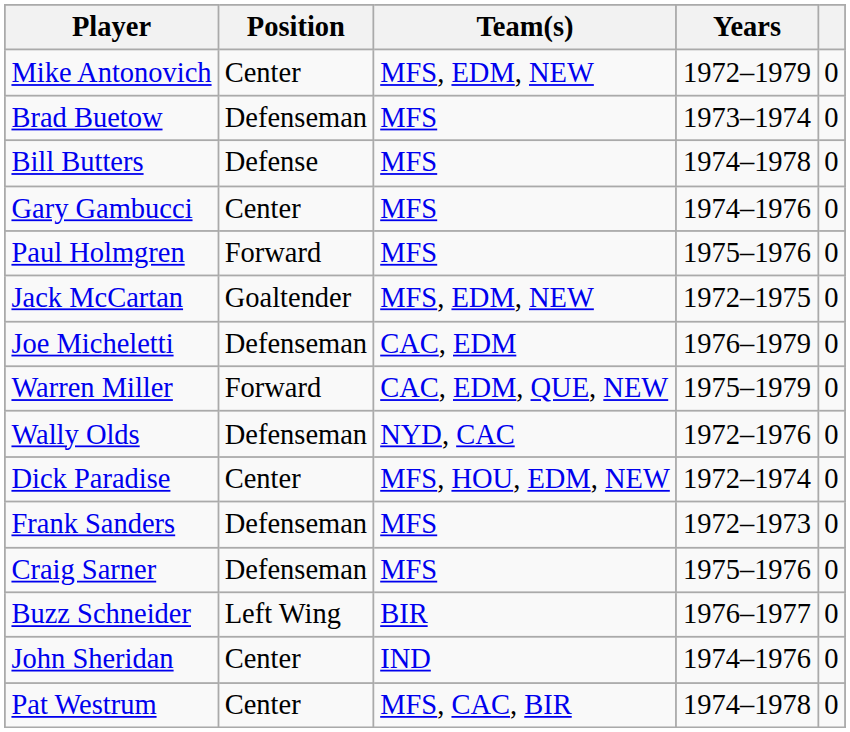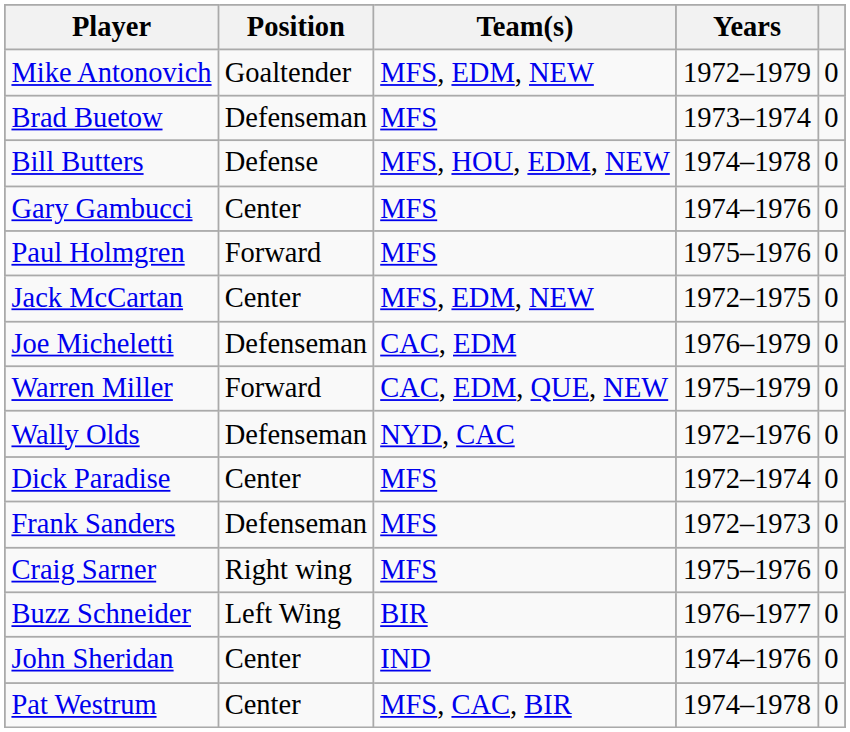 <table class="wikitable">
 <tr>
 <th>Player</th>
 <th>Position</th>
 <th>Team(s)</th>
 <th>Years</th>
 <th><a href='#'></a></th>
 </tr>
 <tr>
 <td><a href='#'>Mike Antonovich</a></td>
-<td>Center</td>
+<td>Goaltender</td>
 <td><a href='#'>MFS</a>, <a href='#'>EDM</a>, <a href='#'>NEW</a></td>
 <td>1972–1979</td>
 <td>0</td>
 </tr>
 <tr>
 <td><a href='#'>Brad Buetow</a></td>
 <td>Defenseman</td>
 <td><a href='#'>MFS</a></td>
 <td>1973–1974</td>
 <td>0</td>
 </tr>
 <tr>
 <td><a href='#'>Bill Butters</a></td>
 <td>Defense</td>
-<td><a href='#'>MFS</a></td>
+<td><a href='#'>MFS</a>, <a href='#'>HOU</a>, <a href='#'>EDM</a>, <a href='#'>NEW</a></td>
 <td>1974–1978</td>
 <td>0</td>
 </tr>
 <tr>
 <td><a href='#'>Gary Gambucci</a></td>
 <td>Center</td>
 <td><a href='#'>MFS</a></td>
 <td>1974–1976</td>
 <td>0</td>
 </tr>
 <tr>
 <td><a href='#'>Paul Holmgren</a></td>
 <td>Forward</td>
 <td><a href='#'>MFS</a></td>
 <td>1975–1976</td>
 <td>0</td>
 </tr>
 <tr>
 <td><a href='#'>Jack McCartan</a></td>
-<td>Goaltender</td>
+<td>Center</td>
 <td><a href='#'>MFS</a>, <a href='#'>EDM</a>, <a href='#'>NEW</a></td>
 <td>1972–1975</td>
 <td>0</td>
 </tr>
 <tr>
 <td><a href='#'>Joe Micheletti</a></td>
 <td>Defenseman</td>
 <td><a href='#'>CAC</a>, <a href='#'>EDM</a></td>
 <td>1976–1979</td>
 <td>0</td>
 </tr>
 <tr>
 <td><a href='#'>Warren Miller</a></td>
 <td>Forward</td>
 <td><a href='#'>CAC</a>, <a href='#'>EDM</a>, <a href='#'>QUE</a>, <a href='#'>NEW</a></td>
 <td>1975–1979</td>
 <td>0</td>
 </tr>
 <tr>
 <td><a href='#'>Wally Olds</a></td>
 <td>Defenseman</td>
 <td><a href='#'>NYD</a>, <a href='#'>CAC</a></td>
 <td>1972–1976</td>
 <td>0</td>
 </tr>
 <tr>
 <td><a href='#'>Dick Paradise</a></td>
 <td>Center</td>
-<td><a href='#'>MFS</a>, <a href='#'>HOU</a>, <a href='#'>EDM</a>, <a href='#'>NEW</a></td>
+<td><a href='#'>MFS</a></td>
 <td>1972–1974</td>
 <td>0</td>
 </tr>
 <tr>
 <td><a href='#'>Frank Sanders</a></td>
 <td>Defenseman</td>
 <td><a href='#'>MFS</a></td>
 <td>1972–1973</td>
 <td>0</td>
 </tr>
 <tr>
 <td><a href='#'>Craig Sarner</a></td>
-<td>Defenseman</td>
+<td>Right wing</td>
 <td><a href='#'>MFS</a></td>
 <td>1975–1976</td>
 <td>0</td>
 </tr>
 <tr>
 <td><a href='#'>Buzz Schneider</a></td>
 <td>Left Wing</td>
 <td><a href='#'>BIR</a></td>
 <td>1976–1977</td>
 <td>0</td>
 </tr>
 <tr>
 <td><a href='#'>John Sheridan</a></td>
 <td>Center</td>
 <td><a href='#'>IND</a></td>
 <td>1974–1976</td>
 <td>0</td>
 </tr>
 <tr>
 <td><a href='#'>Pat Westrum</a></td>
 <td>Center</td>
 <td><a href='#'>MFS</a>, <a href='#'>CAC</a>, <a href='#'>BIR</a></td>
 <td>1974–1978</td>
 <td>0</td>
 </tr>
 <tr>
 </tr>
 </table>
